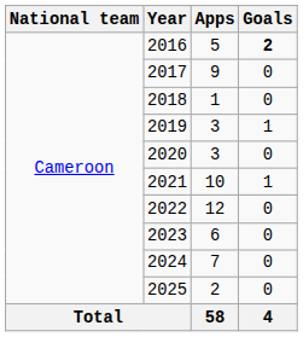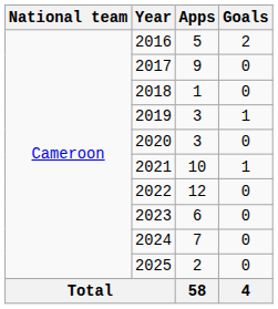 <table class=wikitable style=text-align:center>
 <tr>
 <th>National team</th>
 <th>Year</th>
 <th>Apps</th>
 <th>Goals</th>
 </tr>
 <tr>
 <td rowspan="10"><a href='#'>Cameroon</a></td>
 <td>2016</td>
 <td>5</td>
-<td><strong>2</strong></td>
+<td>2</td>
 </tr>
 <tr>
 <td>2017</td>
 <td>9</td>
 <td>0</td>
 </tr>
 <tr>
 <td>2018</td>
 <td>1</td>
 <td>0</td>
 </tr>
 <tr>
 <td>2019</td>
 <td>3</td>
 <td>1</td>
 </tr>
 <tr>
 <td>2020</td>
 <td>3</td>
 <td>0</td>
 </tr>
 <tr>
 <td>2021</td>
 <td>10</td>
 <td>1</td>
 </tr>
 <tr>
 <td>2022</td>
 <td>12</td>
 <td>0</td>
 </tr>
 <tr>
 <td>2023</td>
 <td>6</td>
 <td>0</td>
 </tr>
 <tr>
 <td>2024</td>
 <td>7</td>
 <td>0</td>
 </tr>
 <tr>
 <td>2025</td>
 <td>2</td>
 <td>0</td>
 </tr>
 <tr>
 <th colspan=2>Total</th>
 <th>58</th>
 <th>4</th>
 </tr>
 </table>
